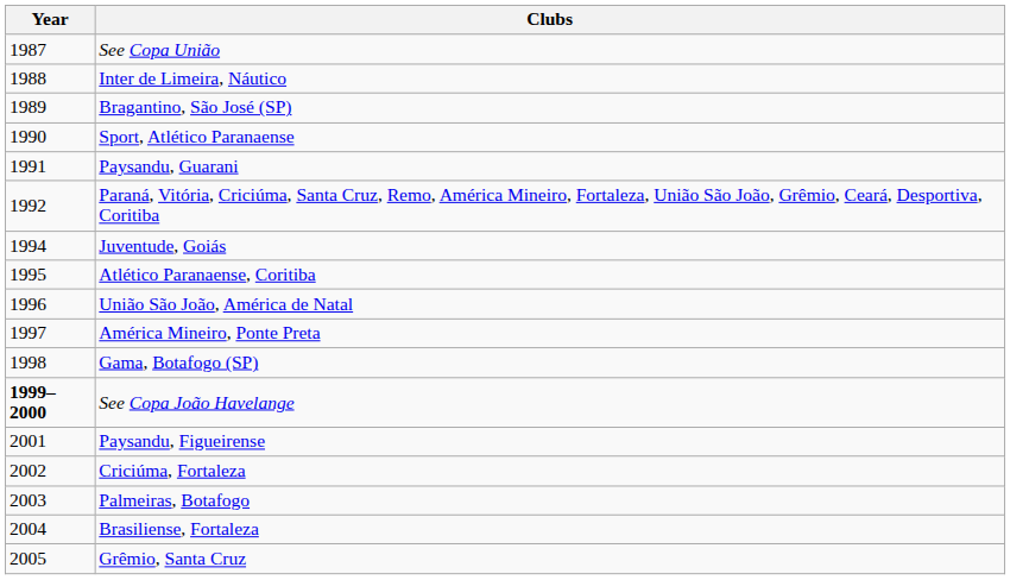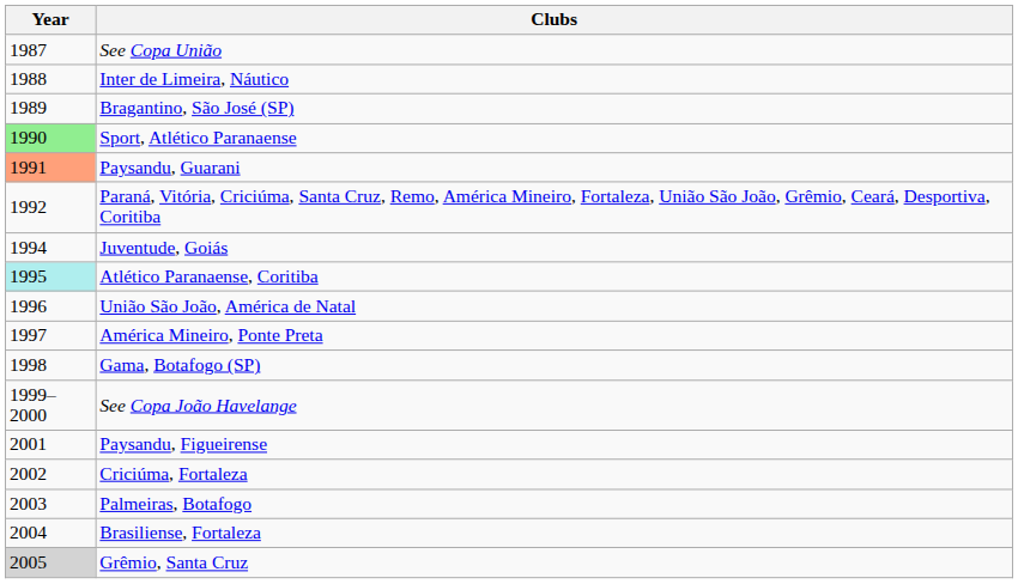 <table class="wikitable">
 <tr>
 <th>Year</th>
 <th>Clubs</th>
 </tr>
 <tr>
 <td>1987</td>
 <td><em>See <a href='#'>Copa União</a></em></td>
 </tr>
 <tr>
 <td>1988</td>
 <td><a href='#'>Inter de Limeira</a>, <a href='#'>Náutico</a></td>
 </tr>
 <tr>
 <td>1989</td>
 <td><a href='#'>Bragantino</a>, <a href='#'>São José (SP)</a></td>
 </tr>
 <tr>
-<td>1990</td>
+<td style="background: lightgreen;">1990</td>
 <td><a href='#'>Sport</a>, <a href='#'>Atlético Paranaense</a></td>
 </tr>
 <tr>
-<td>1991</td>
+<td style="background: lightsalmon;">1991</td>
 <td><a href='#'>Paysandu</a>, <a href='#'>Guarani</a></td>
 </tr>
 <tr>
 <td>1992</td>
 <td><a href='#'>Paraná</a>, <a href='#'>Vitória</a>, <a href='#'>Criciúma</a>, <a href='#'>Santa Cruz</a>, <a href='#'>Remo</a>, <a href='#'>América Mineiro</a>, <a href='#'>Fortaleza</a>, <a href='#'>União São João</a>, <a href='#'>Grêmio</a>, <a href='#'>Ceará</a>, <a href='#'>Desportiva</a>, <a href='#'>Coritiba</a></td>
 </tr>
 <tr>
 <td>1994</td>
 <td><a href='#'>Juventude</a>, <a href='#'>Goiás</a></td>
 </tr>
 <tr>
-<td>1995</td>
+<td style="background: paleturquoise;">1995</td>
 <td><a href='#'>Atlético Paranaense</a>, <a href='#'>Coritiba</a></td>
 </tr>
 <tr>
 <td>1996</td>
 <td><a href='#'>União São João</a>, <a href='#'>América de Natal</a></td>
 </tr>
 <tr>
 <td>1997</td>
 <td><a href='#'>América Mineiro</a>, <a href='#'>Ponte Preta</a></td>
 </tr>
 <tr>
 <td>1998</td>
 <td><a href='#'>Gama</a>, <a href='#'>Botafogo (SP)</a></td>
 </tr>
 <tr>
-<td><strong>1999–2000</strong></td>
+<td>1999–2000</td>
 <td><em>See <a href='#'>Copa João Havelange</a></em></td>
 </tr>
 <tr>
 <td>2001</td>
 <td><a href='#'>Paysandu</a>, <a href='#'>Figueirense</a></td>
 </tr>
 <tr>
 <td>2002</td>
 <td><a href='#'>Criciúma</a>, <a href='#'>Fortaleza</a></td>
 </tr>
 <tr>
 <td>2003</td>
 <td><a href='#'>Palmeiras</a>, <a href='#'>Botafogo</a></td>
 </tr>
 <tr>
 <td>2004</td>
 <td><a href='#'>Brasiliense</a>, <a href='#'>Fortaleza</a></td>
 </tr>
 <tr>
-<td>2005</td>
+<td style="background: lightgrey;">2005</td>
 <td><a href='#'>Grêmio</a>, <a href='#'>Santa Cruz</a></td>
 </tr>
 </table>
